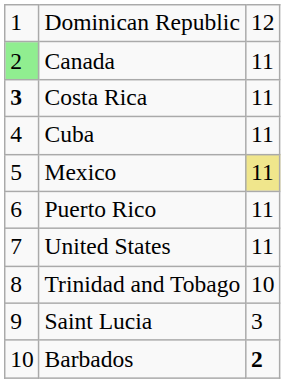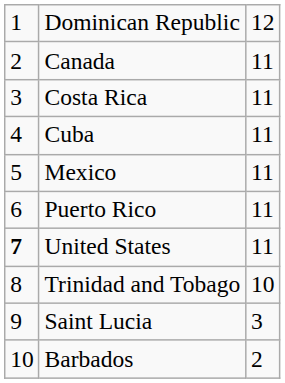 <table class="wikitable">
 <tr>
 <td>1</td>
 <td>Dominican Republic</td>
 <td>12</td>
 </tr>
 <tr>
-<td style="background: lightgreen;">2</td>
+<td>2</td>
 <td>Canada</td>
 <td>11</td>
 </tr>
 <tr>
-<td><strong>3</strong></td>
+<td>3</td>
 <td>Costa Rica</td>
 <td>11</td>
 </tr>
 <tr>
 <td>4</td>
 <td>Cuba</td>
 <td>11</td>
 </tr>
 <tr>
 <td>5</td>
 <td>Mexico</td>
-<td style="background: khaki;">11</td>
+<td>11</td>
 </tr>
 <tr>
 <td>6</td>
 <td>Puerto Rico</td>
 <td>11</td>
 </tr>
 <tr>
-<td>7</td>
+<td><strong>7</strong></td>
 <td>United States</td>
 <td>11</td>
 </tr>
 <tr>
 <td>8</td>
 <td>Trinidad and Tobago</td>
 <td>10</td>
 </tr>
 <tr>
 <td>9</td>
 <td>Saint Lucia</td>
 <td>3</td>
 </tr>
 <tr>
 <td>10</td>
 <td>Barbados</td>
-<td><strong>2</strong></td>
+<td>2</td>
 </tr>
 </table>
